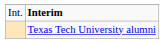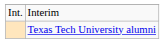 <table class="wikitable" style="margin:1em auto;">
 <tr>
 </tr>
 <tr>
 <td>Int.</td>
-<td><strong>Interim</strong></td>
+<td>Interim</td>
 </tr>
 <tr>
 <td bgcolor="#ffe6bd"></td>
 <td><a href='#'>Texas Tech University alumni</a></td>
 </tr>
 </table>
